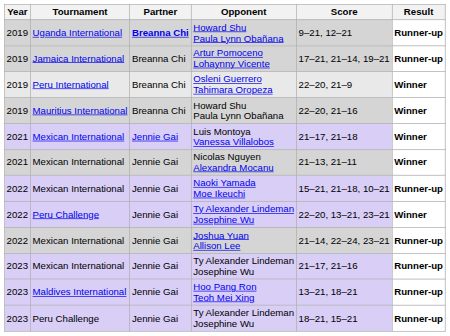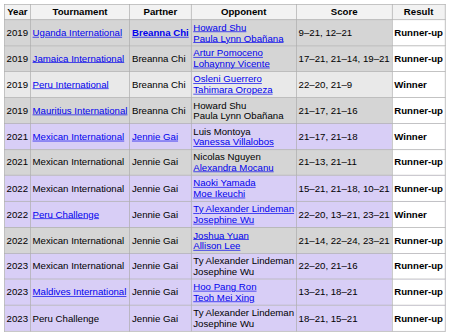 <table class="sortable wikitable" style="font-size: 90%;">
 <tr>
 <th>Year</th>
 <th>Tournament</th>
 <th>Partner</th>
 <th>Opponent</th>
 <th>Score</th>
 <th>Result</th>
 </tr>
 <tr style="background:#D5D5D5">
 <td align="center">2019</td>
 <td align="left"><a href='#'>Uganda International</a></td>
 <td align="left"><strong> <a href='#'>Breanna Chi</a></strong></td>
 <td align="left"> <a href='#'>Howard Shu</a><br> <a href='#'>Paula Lynn Obañana</a></td>
 <td align="left">9–21, 12–21</td>
 <td style="text-align:left; background:white"> <strong>Runner-up</strong></td>
 </tr>
 <tr style="background:#D5D5D5">
 <td align="center">2019</td>
 <td align="left"><a href='#'>Jamaica International</a></td>
 <td align="left"> Breanna Chi</td>
 <td align="left"> <a href='#'>Artur Pomoceno</a><br> <a href='#'>Lohaynny Vicente</a></td>
 <td align="left">17–21, 21–14, 19–21</td>
 <td style="text-align:left; background:white"> <strong>Runner-up</strong></td>
 </tr>
 <tr style="background:#E9E9E9">
 <td align="center">2019</td>
 <td align="left"><a href='#'>Peru International</a></td>
 <td align="left"> Breanna Chi</td>
 <td align="left"> <a href='#'>Osleni Guerrero</a><br> <a href='#'>Tahimara Oropeza</a></td>
 <td align="left">22–20, 21–9</td>
 <td style="text-align:left; background:white"> <strong>Winner</strong></td>
 </tr>
 <tr style="background:#D5D5D5">
 <td align="center">2019</td>
 <td align="left"><a href='#'>Mauritius International</a></td>
 <td align="left"> Breanna Chi</td>
 <td align="left"> Howard Shu<br> Paula Lynn Obañana</td>
-<td align="left">22–20, 21–16</td>
-<td style="text-align:left; background:white"> <strong>Winner</strong></td>
+<td align="left">21–17, 21–16</td>
+<td style="text-align:left; background:white"> <strong>Runner-up</strong></td>
 </tr>
 <tr style="background:#D8CEF6">
 <td align="center">2021</td>
 <td align="left"><a href='#'>Mexican International</a></td>
 <td align="left"> <a href='#'>Jennie Gai</a></td>
 <td align="left"> Luis Montoya<br> <a href='#'>Vanessa Villalobos</a></td>
 <td align="left">21–17, 21–18</td>
 <td style="text-align:left; background:white"> <strong>Winner</strong></td>
 </tr>
 <tr style="background:#D5D5D5">
 <td align="center">2021</td>
 <td align="left">Mexican International</td>
 <td align="left"> Jennie Gai</td>
 <td align="left"> Nicolas Nguyen<br> <a href='#'>Alexandra Mocanu</a></td>
 <td align="left">21–13, 21–11</td>
-<td style="text-align:left; background:white"> <strong>Winner</strong></td>
+<td style="text-align:left; background:white"> <strong>Runner-up</strong></td>
 </tr>
 <tr style="background:#D8CEF6">
 <td align="center">2022</td>
 <td align="left">Mexican International</td>
 <td align="left"> Jennie Gai</td>
 <td align="left"> <a href='#'>Naoki Yamada</a><br> <a href='#'>Moe Ikeuchi</a></td>
 <td align="left">15–21, 21–18, 10–21</td>
 <td style="text-align:left; background:white"> <strong>Runner-up</strong></td>
 </tr>
 <tr style="background:#D8CEF6">
 <td align="center">2022</td>
 <td align="left"><a href='#'>Peru Challenge</a></td>
 <td align="left"> Jennie Gai</td>
 <td align="left"> <a href='#'>Ty Alexander Lindeman</a><br> <a href='#'>Josephine Wu</a></td>
 <td align="left">22–20, 13–21, 23–21</td>
 <td style="text-align:left; background:white"> <strong>Winner</strong></td>
 </tr>
 <tr style="background:#D5D5D5">
 <td align="center">2022</td>
 <td align="left">Mexican International</td>
 <td align="left"> Jennie Gai</td>
 <td align="left"> <a href='#'>Joshua Yuan</a><br> <a href='#'>Allison Lee</a></td>
 <td align="left">21–14, 22–24, 23–21</td>
 <td style="text-align:left; background:white"> <strong>Runner-up</strong></td>
 </tr>
 <tr style="background:#D8CEF6">
 <td align="center">2023</td>
 <td align="left">Mexican International</td>
 <td align="left"> Jennie Gai</td>
 <td align="left"> Ty Alexander Lindeman<br> Josephine Wu</td>
-<td align="left">21–17, 21–16</td>
+<td align="left">22–20, 21–16</td>
 <td style="text-align:left; background:white"> <strong>Runner-up</strong></td>
 </tr>
 <tr style="background:#D8CEF6">
 <td align="center">2023</td>
 <td align="left"><a href='#'>Maldives International</a></td>
 <td align="left"> Jennie Gai</td>
 <td align="left"> <a href='#'>Hoo Pang Ron</a><br> <a href='#'>Teoh Mei Xing</a></td>
 <td align="left">13–21, 18–21</td>
 <td style="text-align:left; background:white"> <strong>Runner-up</strong></td>
 </tr>
 <tr style="background:#D8CEF6">
 <td align="center">2023</td>
 <td align="left">Peru Challenge</td>
 <td align="left"> Jennie Gai</td>
 <td align="left"> Ty Alexander Lindeman<br> Josephine Wu</td>
 <td align="left">18–21, 15–21</td>
 <td style="text-align:left; background:white"> <strong>Runner-up</strong></td>
 </tr>
 </table>
